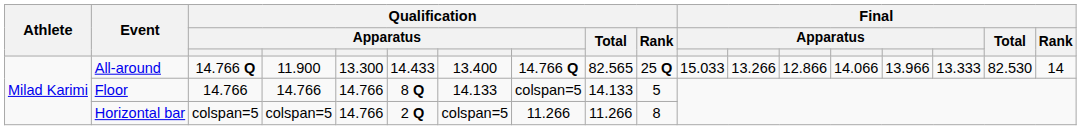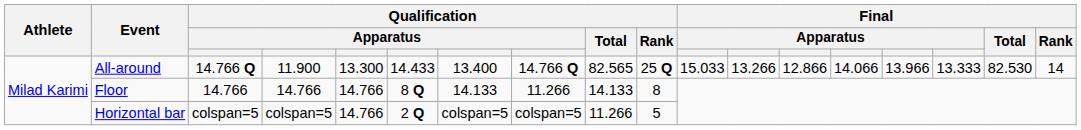 <table class="wikitable" style="font-size:90%">
 <tr>
 <th rowspan=3>Athlete</th>
 <th rowspan=3>Event</th>
 <th colspan =8>Qualification</th>
 <th colspan =8>Final</th>
 </tr>
 <tr style="font-size:95%">
 <th colspan=6>Apparatus</th>
 <th rowspan=2>Total</th>
 <th rowspan=2>Rank</th>
 <th colspan=6>Apparatus</th>
 <th rowspan=2>Total</th>
 <th rowspan=2>Rank</th>
 </tr>
 <tr style="font-size:95%">
 <th></th>
 <th></th>
 <th></th>
 <th></th>
 <th></th>
 <th></th>
 <th></th>
 <th></th>
 <th></th>
 <th></th>
 <th></th>
 <th></th>
 </tr>
 <tr align=center>
 <td align=left rowspan=3><a href='#'>Milad Karimi</a></td>
 <td align=left><a href='#'>All-around</a></td>
 <td>14.766 <strong>Q</strong></td>
 <td>11.900</td>
 <td>13.300</td>
 <td>14.433</td>
 <td>13.400</td>
 <td>14.766 <strong>Q</strong></td>
 <td>82.565</td>
 <td>25 <strong>Q</strong></td>
 <td>15.033</td>
 <td>13.266</td>
 <td>12.866</td>
 <td>14.066</td>
 <td>13.966</td>
 <td>13.333</td>
 <td>82.530</td>
 <td>14</td>
 </tr>
 <tr align=center>
 <td align=left><a href='#'>Floor</a></td>
 <td>14.766</td>
 <td>14.766</td>
 <td>14.766</td>
 <td>8 <strong>Q</strong></td>
 <td>14.133</td>
-<td>colspan=5 </td>
+<td>11.266</td>
 <td>14.133</td>
-<td>5</td>
+<td>8</td>
 </tr>
 <tr align=center>
 <td align=left><a href='#'>Horizontal bar</a></td>
 <td>colspan=5 </td>
 <td>colspan=5 </td>
 <td>14.766</td>
 <td>2 <strong>Q</strong></td>
 <td>colspan=5 </td>
+<td>colspan=5 </td>
 <td>11.266</td>
-<td>11.266</td>
-<td>8</td>
+<td>5</td>
 </tr>
 </table>
